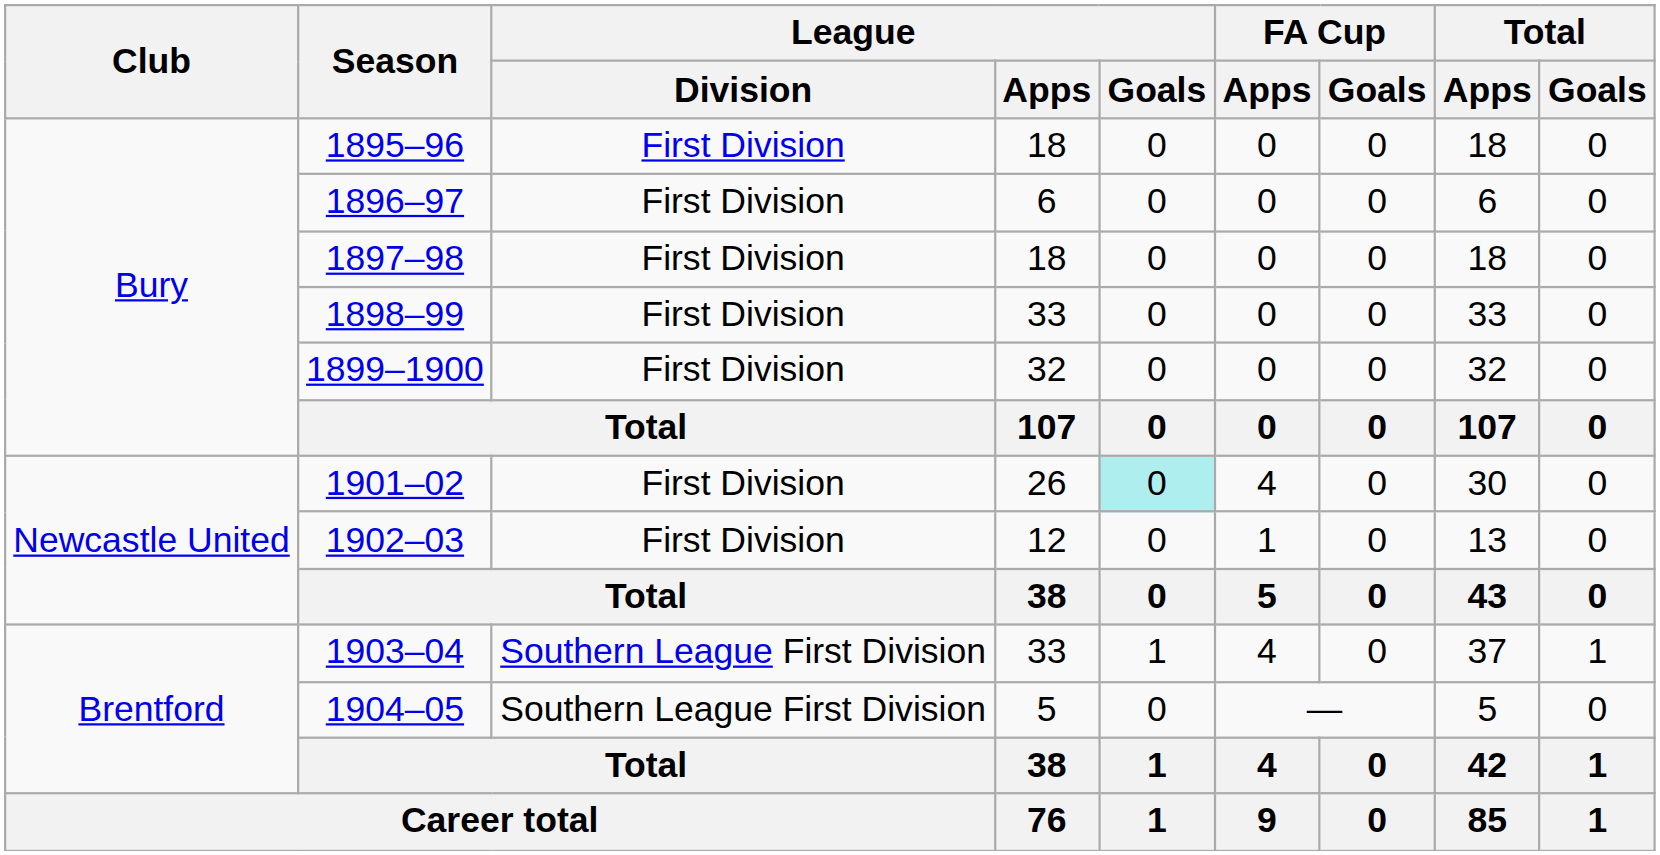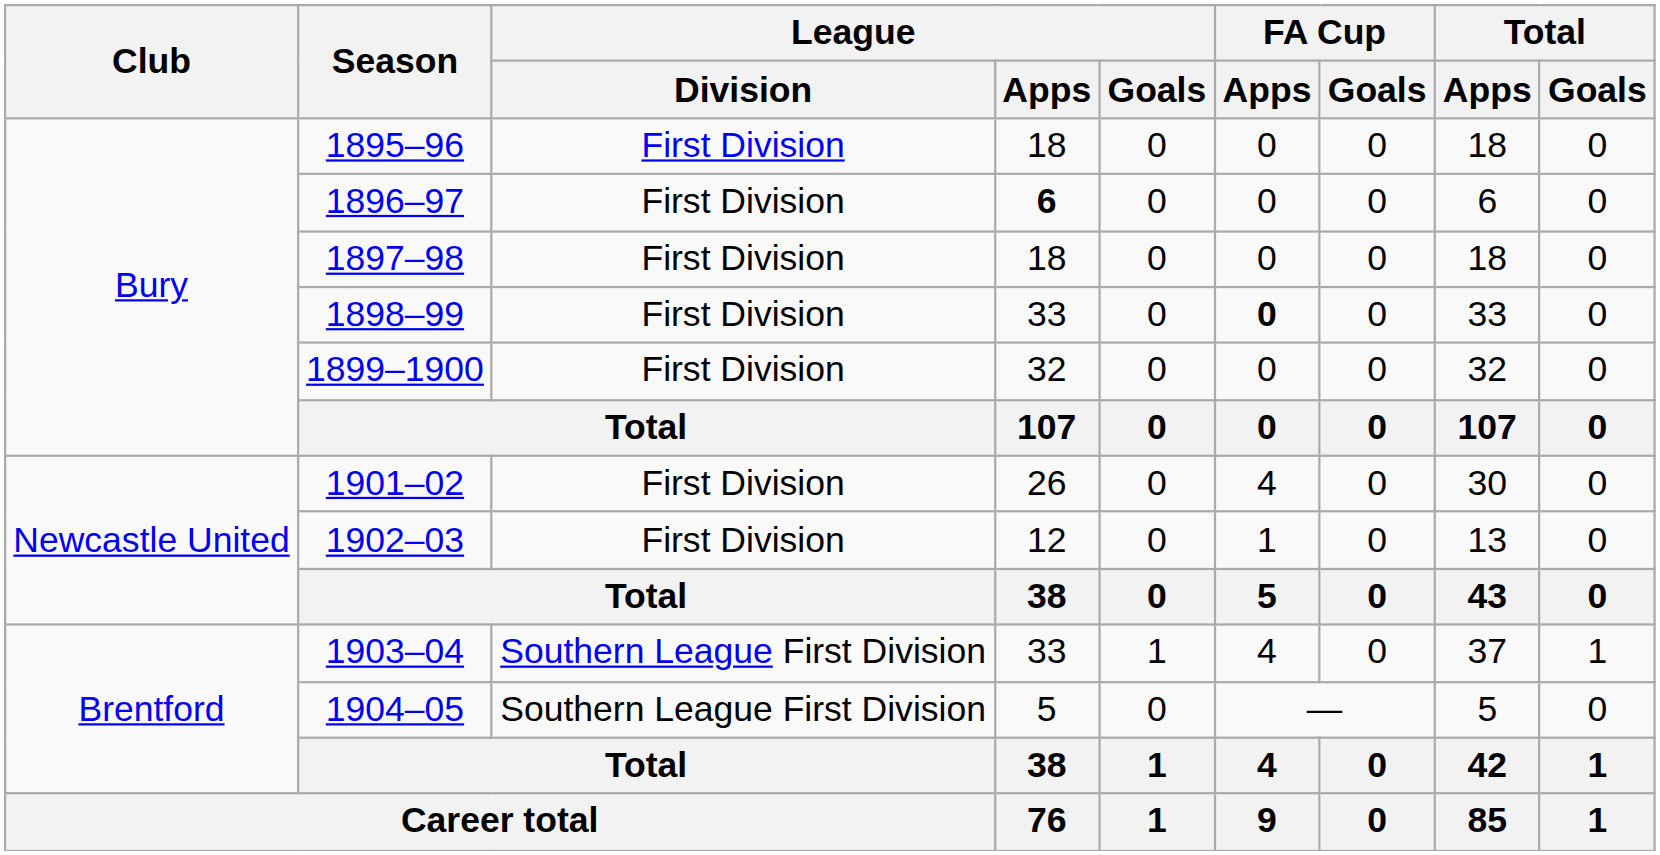 <table class="wikitable" style="text-align: center;">
 <tr>
 <th rowspan="2">Club</th>
 <th rowspan="2">Season</th>
 <th colspan="3">League</th>
 <th colspan="2">FA Cup</th>
 <th colspan="2">Total</th>
 </tr>
 <tr>
 <th>Division</th>
 <th>Apps</th>
 <th>Goals</th>
 <th>Apps</th>
 <th>Goals</th>
 <th>Apps</th>
 <th>Goals</th>
 </tr>
 <tr>
 <td rowspan="6"><a href='#'>Bury</a></td>
 <td><a href='#'>1895–96</a></td>
 <td><a href='#'>First Division</a></td>
 <td>18</td>
 <td>0</td>
 <td>0</td>
 <td>0</td>
 <td>18</td>
 <td>0</td>
 </tr>
 <tr>
 <td><a href='#'>1896–97</a></td>
 <td>First Division</td>
-<td>6</td>
+<td><strong>6</strong></td>
 <td>0</td>
 <td>0</td>
 <td>0</td>
 <td>6</td>
 <td>0</td>
 </tr>
 <tr>
 <td><a href='#'>1897–98</a></td>
 <td>First Division</td>
 <td>18</td>
 <td>0</td>
 <td>0</td>
 <td>0</td>
 <td>18</td>
 <td>0</td>
 </tr>
 <tr>
 <td><a href='#'>1898–99</a></td>
 <td>First Division</td>
 <td>33</td>
 <td>0</td>
-<td>0</td>
+<td><strong>0</strong></td>
 <td>0</td>
 <td>33</td>
 <td>0</td>
 </tr>
 <tr>
 <td><a href='#'>1899–1900</a></td>
 <td>First Division</td>
 <td>32</td>
 <td>0</td>
 <td>0</td>
 <td>0</td>
 <td>32</td>
 <td>0</td>
 </tr>
 <tr>
 <th colspan="2">Total</th>
 <th>107</th>
 <th>0</th>
 <th>0</th>
 <th>0</th>
 <th>107</th>
 <th>0</th>
 </tr>
 <tr>
 <td rowspan="3"><a href='#'>Newcastle United</a></td>
 <td><a href='#'>1901–02</a></td>
 <td>First Division</td>
 <td>26</td>
-<td style="background: paleturquoise;">0</td>
+<td>0</td>
 <td>4</td>
 <td>0</td>
 <td>30</td>
 <td>0</td>
 </tr>
 <tr>
 <td><a href='#'>1902–03</a></td>
 <td>First Division</td>
 <td>12</td>
 <td>0</td>
 <td>1</td>
 <td>0</td>
 <td>13</td>
 <td>0</td>
 </tr>
 <tr>
 <th colspan="2">Total</th>
 <th>38</th>
 <th>0</th>
 <th>5</th>
 <th>0</th>
 <th>43</th>
 <th>0</th>
 </tr>
 <tr>
 <td rowspan="3"><a href='#'>Brentford</a></td>
 <td><a href='#'>1903–04</a></td>
 <td><a href='#'>Southern League</a> First Division</td>
 <td>33</td>
 <td>1</td>
 <td>4</td>
 <td>0</td>
 <td>37</td>
 <td>1</td>
 </tr>
 <tr>
 <td><a href='#'>1904–05</a></td>
 <td>Southern League First Division</td>
 <td>5</td>
 <td>0</td>
 <td colspan="2">—</td>
 <td>5</td>
 <td>0</td>
 </tr>
 <tr>
 <th colspan="2">Total</th>
 <th>38</th>
 <th>1</th>
 <th>4</th>
 <th>0</th>
 <th>42</th>
 <th>1</th>
 </tr>
 <tr>
 <th colspan="3">Career total</th>
 <th>76</th>
 <th>1</th>
 <th>9</th>
 <th>0</th>
 <th>85</th>
 <th>1</th>
 </tr>
 </table>
